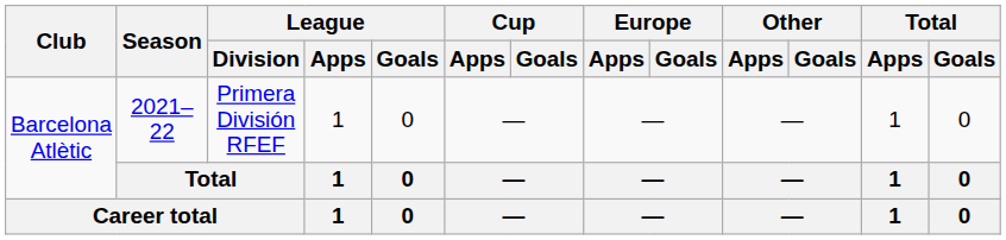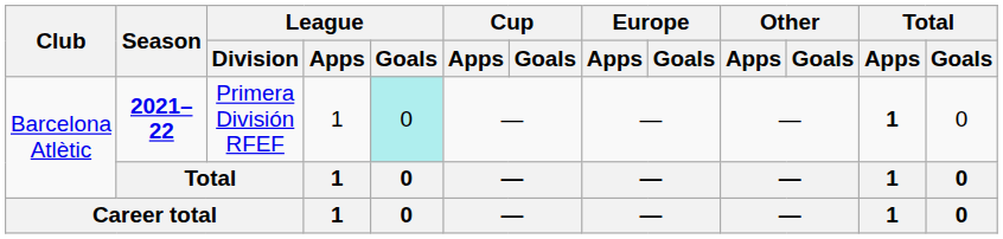 <table class="wikitable" style="text-align: center">
 <tr>
 <th rowspan="2">Club</th>
 <th rowspan="2">Season</th>
 <th colspan="3">League</th>
 <th colspan="2">Cup</th>
 <th colspan="2">Europe</th>
 <th colspan="2">Other</th>
 <th colspan="2">Total</th>
 </tr>
 <tr>
 <th>Division</th>
 <th>Apps</th>
 <th>Goals</th>
 <th>Apps</th>
 <th>Goals</th>
 <th>Apps</th>
 <th>Goals</th>
 <th>Apps</th>
 <th>Goals</th>
 <th>Apps</th>
 <th>Goals</th>
 </tr>
 <tr>
 <td rowspan="2"><a href='#'>Barcelona Atlètic</a></td>
-<td><a href='#'>2021–22</a></td>
+<td><strong><a href='#'>2021–22</a></strong></td>
 <td><a href='#'>Primera División RFEF</a></td>
 <td>1</td>
-<td>0</td>
+<td style="background: paleturquoise;">0</td>
 <td colspan="2">—</td>
 <td colspan="2">—</td>
 <td colspan="2">—</td>
-<td>1</td>
+<td><strong>1</strong></td>
 <td>0</td>
 </tr>
 <tr>
 <th colspan="2">Total</th>
 <th>1</th>
 <th>0</th>
 <th colspan="2">—</th>
 <th colspan="2">—</th>
 <th colspan="2">—</th>
 <th>1</th>
 <th>0</th>
 </tr>
 <tr>
 <th colspan="3">Career total</th>
 <th>1</th>
 <th>0</th>
 <th colspan="2">—</th>
 <th colspan="2">—</th>
 <th colspan="2">—</th>
 <th>1</th>
 <th>0</th>
 </tr>
 </table>
